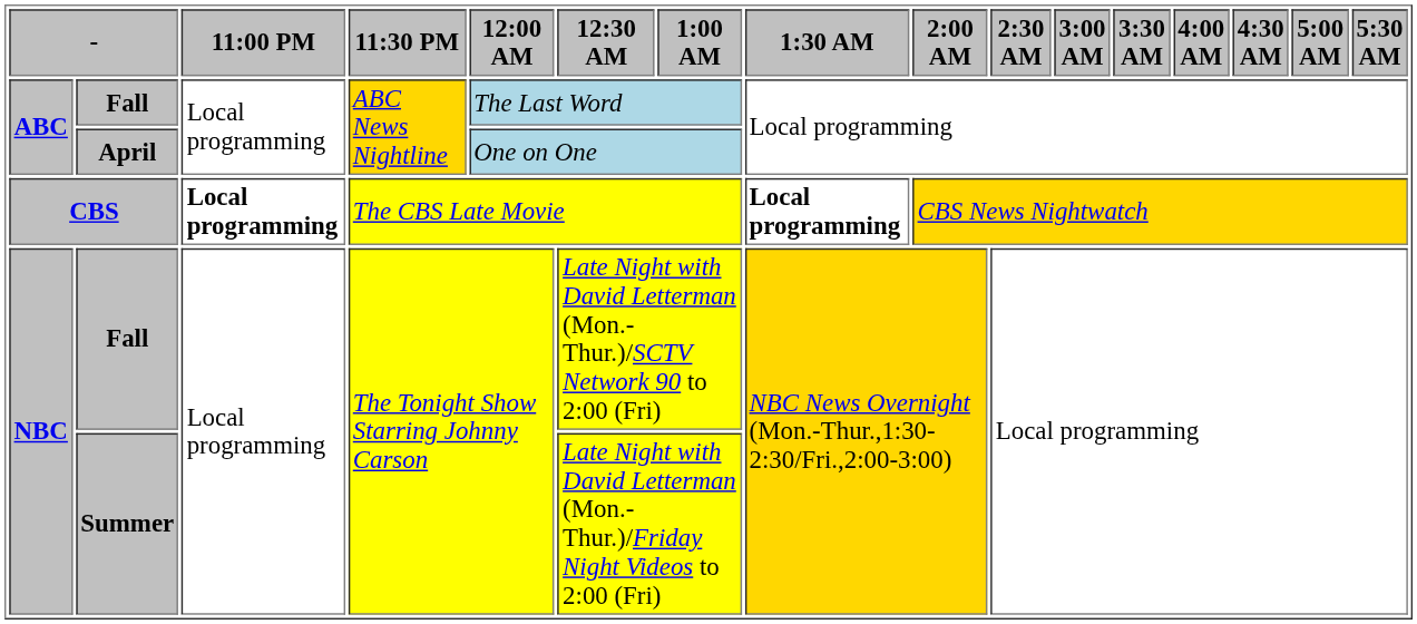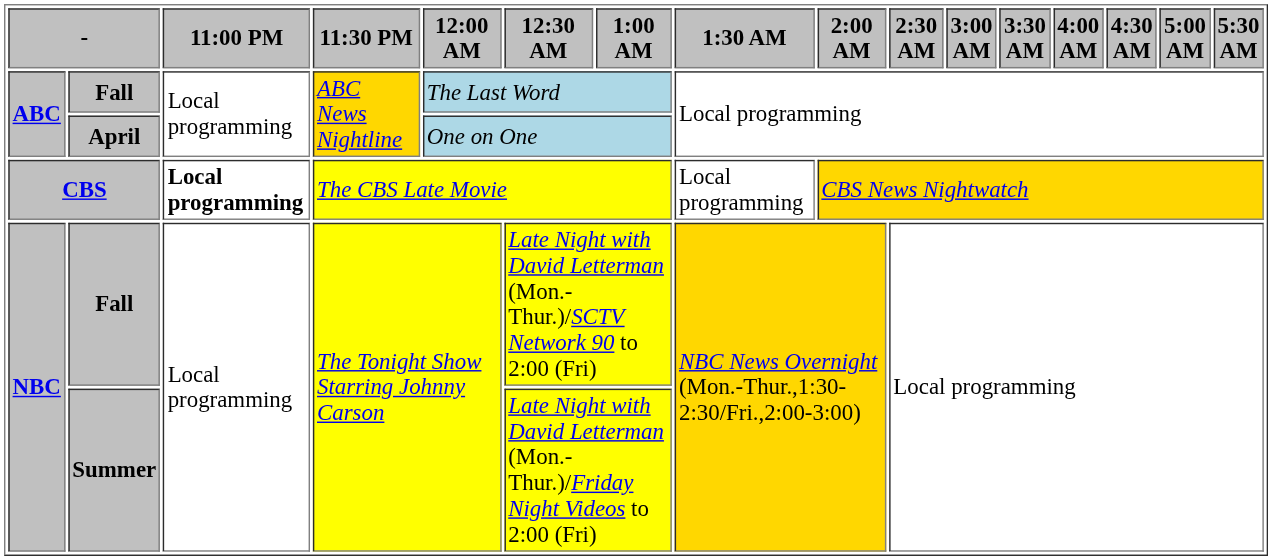 <table border="1" cellpadding="2">
 <tr>
 <th bgcolor="#C0C0C0" colspan=2>-</th>
 <th width="13%" bgcolor="#C0C0C0">11:00 PM</th>
 <th width="14%" bgcolor="#C0C0C0">11:30 PM</th>
 <th width="13%" bgcolor="#C0C0C0">12:00 AM</th>
 <th width="14%" bgcolor="#C0C0C0">12:30 AM</th>
 <th width="13%" bgcolor="#C0C0C0">1:00 AM</th>
 <th width="14%" bgcolor="#C0C0C0">1:30 AM</th>
 <th width="13%" bgcolor="#C0C0C0">2:00 AM</th>
 <th width="14%" bgcolor="#C0C0C0">2:30 AM</th>
 <th width="13%" bgcolor="#C0C0C0">3:00 AM</th>
 <th width="14%" bgcolor="#C0C0C0">3:30 AM</th>
 <th width="13%" bgcolor="#C0C0C0">4:00 AM</th>
 <th width="14%" bgcolor="#C0C0C0">4:30 AM</th>
 <th width="13%" bgcolor="#C0C0C0">5:00 AM</th>
 <th width="14%" bgcolor="#C0C0C0">5:30 AM</th>
 </tr>
 <tr>
 <th bgcolor="#C0C0C0" rowspan=2><a href='#'>ABC</a></th>
 <th bgcolor=#C0C0C0>Fall</th>
 <td bgcolor="white" rowspan=2>Local programming</td>
 <td bgcolor="gold" rowspan=2><em><a href='#'>ABC News Nightline</a></em></td>
 <td bgcolor="lightblue" colspan="3"><em>The Last Word</em></td>
 <td bgcolor="white" colspan="9" rowspan=2>Local programming</td>
 </tr>
 <tr>
 <th bgcolor=#C0C0C0>April</th>
 <td bgcolor="lightblue" colspan="3"><em>One on One</em></td>
 </tr>
 <tr>
 <th bgcolor="#C0C0C0" colspan=2><a href='#'>CBS</a></th>
 <td bgcolor="white"><strong>Local programming</strong></td>
 <td bgcolor="yellow" colspan="4"><em><a href='#'>The CBS Late Movie</a></em></td>
-<td bgcolor="white"><strong>Local programming</strong></td>
+<td bgcolor="white">Local programming</td>
 <td bgcolor="gold" colspan="8"><em><a href='#'>CBS News Nightwatch</a></em></td>
 </tr>
 <tr>
 <th bgcolor="#C0C0C0" rowspan=2><a href='#'>NBC</a></th>
 <th bgcolor=#C0C0C0>Fall</th>
 <td bgcolor="white" rowspan=2>Local programming</td>
 <td bgcolor="yellow" colspan="2" rowspan=2><em><a href='#'>The Tonight Show Starring Johnny Carson</a></em></td>
 <td bgcolor="yellow" colspan="2"><em><a href='#'>Late Night with David Letterman</a></em> (Mon.-Thur.)/<em><a href='#'>SCTV Network 90</a></em> to 2:00 (Fri)</td>
 <td bgcolor="gold" colspan="2" rowspan=2><em><a href='#'>NBC News Overnight</a></em> (Mon.-Thur.,1:30-2:30/Fri.,2:00-3:00)</td>
 <td bgcolor="white" colspan="7" rowspan=2>Local programming</td>
 </tr>
 <tr>
 <th bgcolor=#C0C0C0>Summer</th>
 <td bgcolor="yellow" colspan="2"><em><a href='#'>Late Night with David Letterman</a></em> (Mon.-Thur.)/<em><a href='#'>Friday Night Videos</a></em> to 2:00 (Fri)</td>
 </tr>
 </table>
